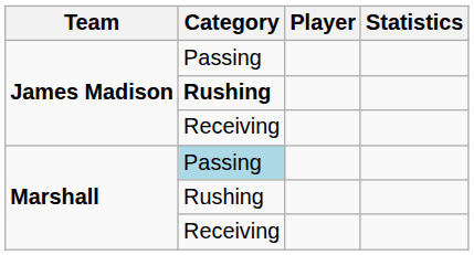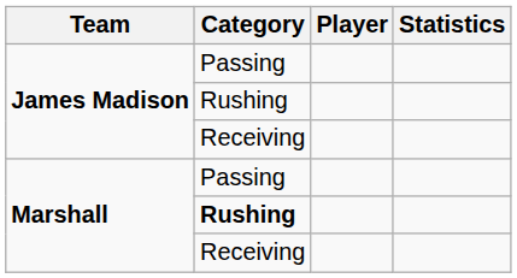 <table class="wikitable" style="float: right;">
 <tr>
 <th>Team</th>
 <th>Category</th>
 <th>Player</th>
 <th>Statistics</th>
 </tr>
 <tr>
 <td rowspan=3><strong>James Madison</strong></td>
 <td>Passing</td>
 <td></td>
 <td></td>
 </tr>
 <tr>
-<td><strong>Rushing</strong></td>
+<td>Rushing</td>
 <td></td>
 <td></td>
 </tr>
 <tr>
 <td>Receiving</td>
 <td></td>
 <td></td>
 </tr>
 <tr>
 <td rowspan=3><strong>Marshall</strong></td>
-<td style="background: lightblue;">Passing</td>
+<td>Passing</td>
 <td></td>
 <td></td>
 </tr>
 <tr>
-<td>Rushing</td>
+<td><strong>Rushing</strong></td>
 <td></td>
 <td></td>
 </tr>
 <tr>
 <td>Receiving</td>
 <td></td>
 <td></td>
 </tr>
 </table>
